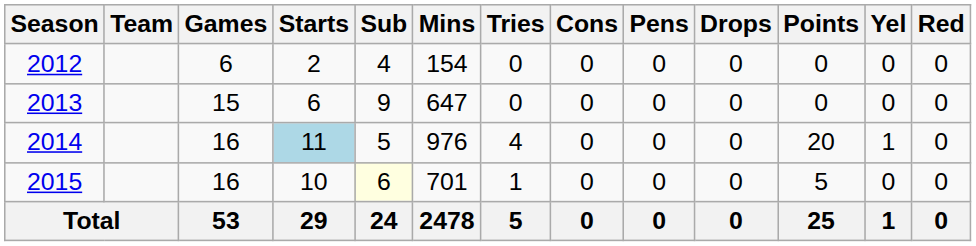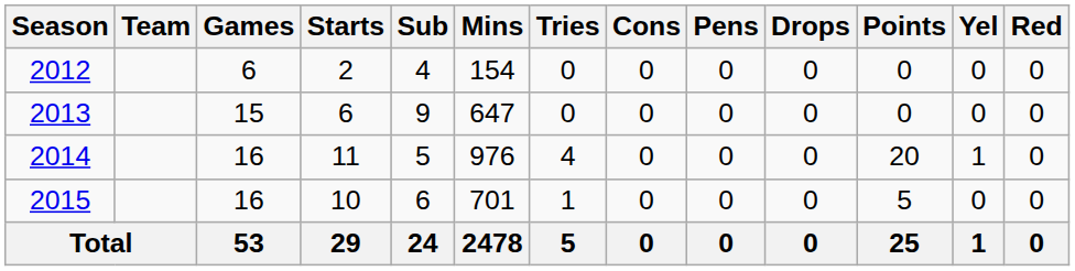 <table class="wikitable" style="text-align:center">
 <tr>
 <th>Season</th>
 <th>Team</th>
 <th>Games</th>
 <th>Starts</th>
 <th>Sub</th>
 <th>Mins</th>
 <th>Tries</th>
 <th>Cons</th>
 <th>Pens</th>
 <th>Drops</th>
 <th>Points</th>
 <th>Yel</th>
 <th>Red</th>
 </tr>
 <tr>
 <td><a href='#'>2012</a></td>
 <td></td>
 <td>6</td>
 <td>2</td>
 <td>4</td>
 <td>154</td>
 <td>0</td>
 <td>0</td>
 <td>0</td>
 <td>0</td>
 <td>0</td>
 <td>0</td>
 <td>0</td>
 </tr>
 <tr>
 <td><a href='#'>2013</a></td>
 <td></td>
 <td>15</td>
 <td>6</td>
 <td>9</td>
 <td>647</td>
 <td>0</td>
 <td>0</td>
 <td>0</td>
 <td>0</td>
 <td>0</td>
 <td>0</td>
 <td>0</td>
 </tr>
 <tr>
 <td><a href='#'>2014</a></td>
 <td></td>
 <td>16</td>
-<td style="background: lightblue;">11</td>
+<td>11</td>
 <td>5</td>
 <td>976</td>
 <td>4</td>
 <td>0</td>
 <td>0</td>
 <td>0</td>
 <td>20</td>
 <td>1</td>
 <td>0</td>
 </tr>
 <tr>
 <td><a href='#'>2015</a></td>
 <td></td>
 <td>16</td>
 <td>10</td>
-<td style="background: lightyellow;">6</td>
+<td>6</td>
 <td>701</td>
 <td>1</td>
 <td>0</td>
 <td>0</td>
 <td>0</td>
 <td>5</td>
 <td>0</td>
 <td>0</td>
 </tr>
 <tr>
 <th colspan="2">Total</th>
 <th>53</th>
 <th>29</th>
 <th>24</th>
 <th>2478</th>
 <th>5</th>
 <th>0</th>
 <th>0</th>
 <th>0</th>
 <th>25</th>
 <th>1</th>
 <th>0</th>
 </tr>
 </table>
